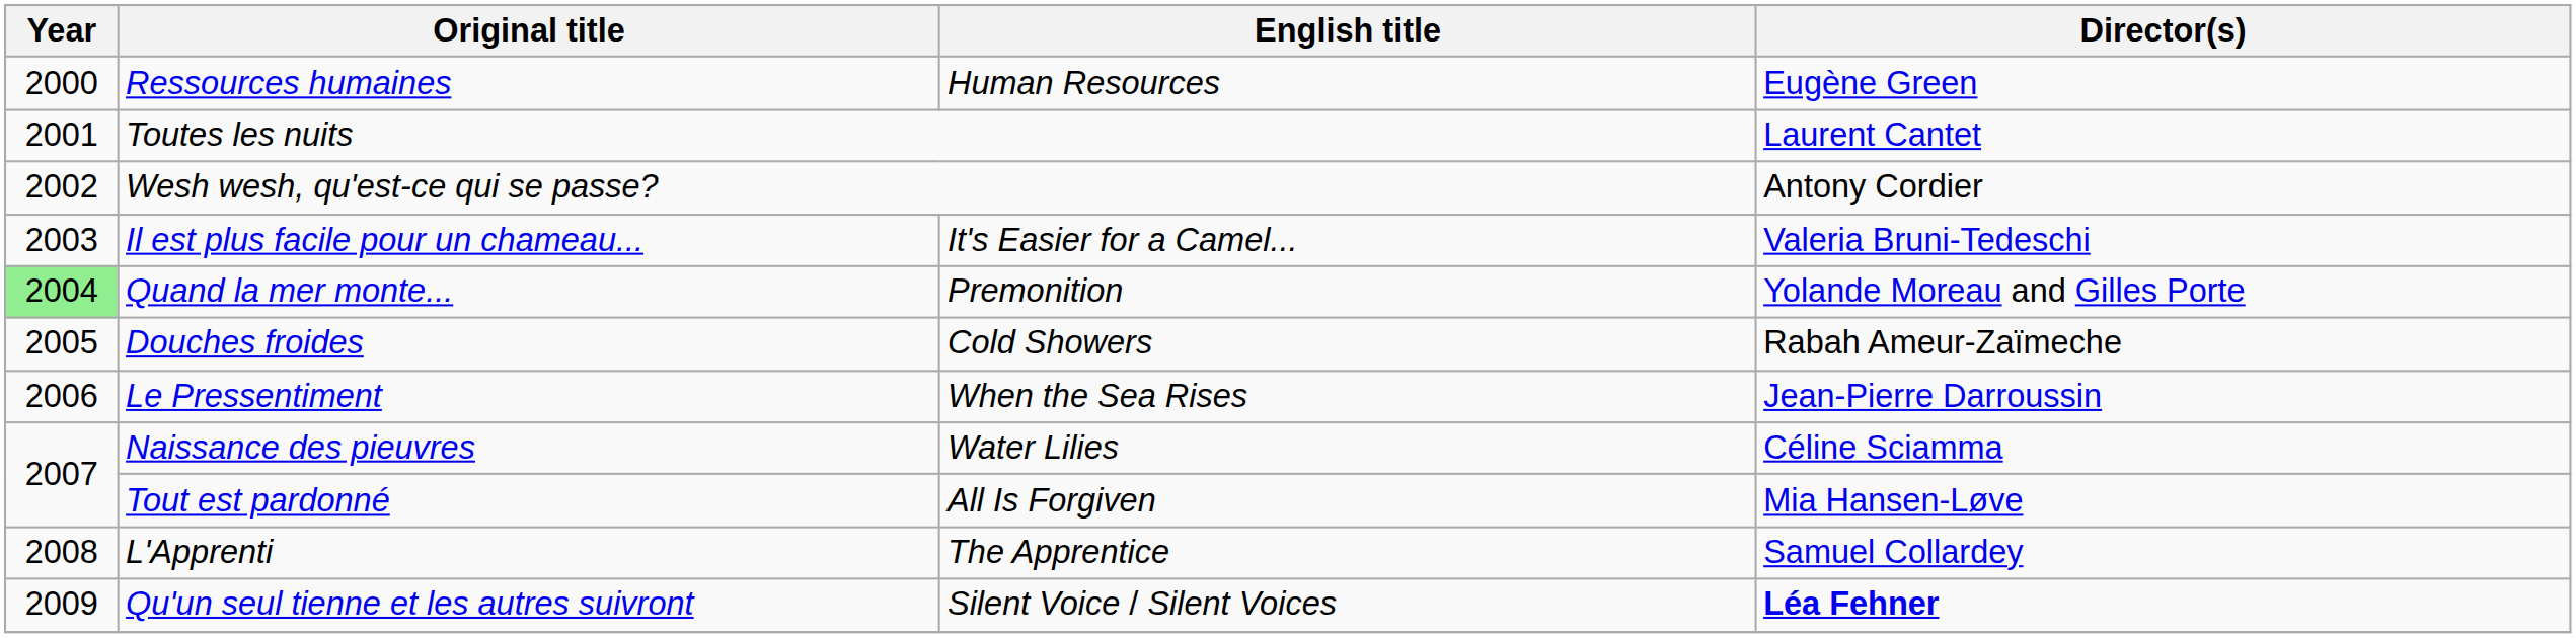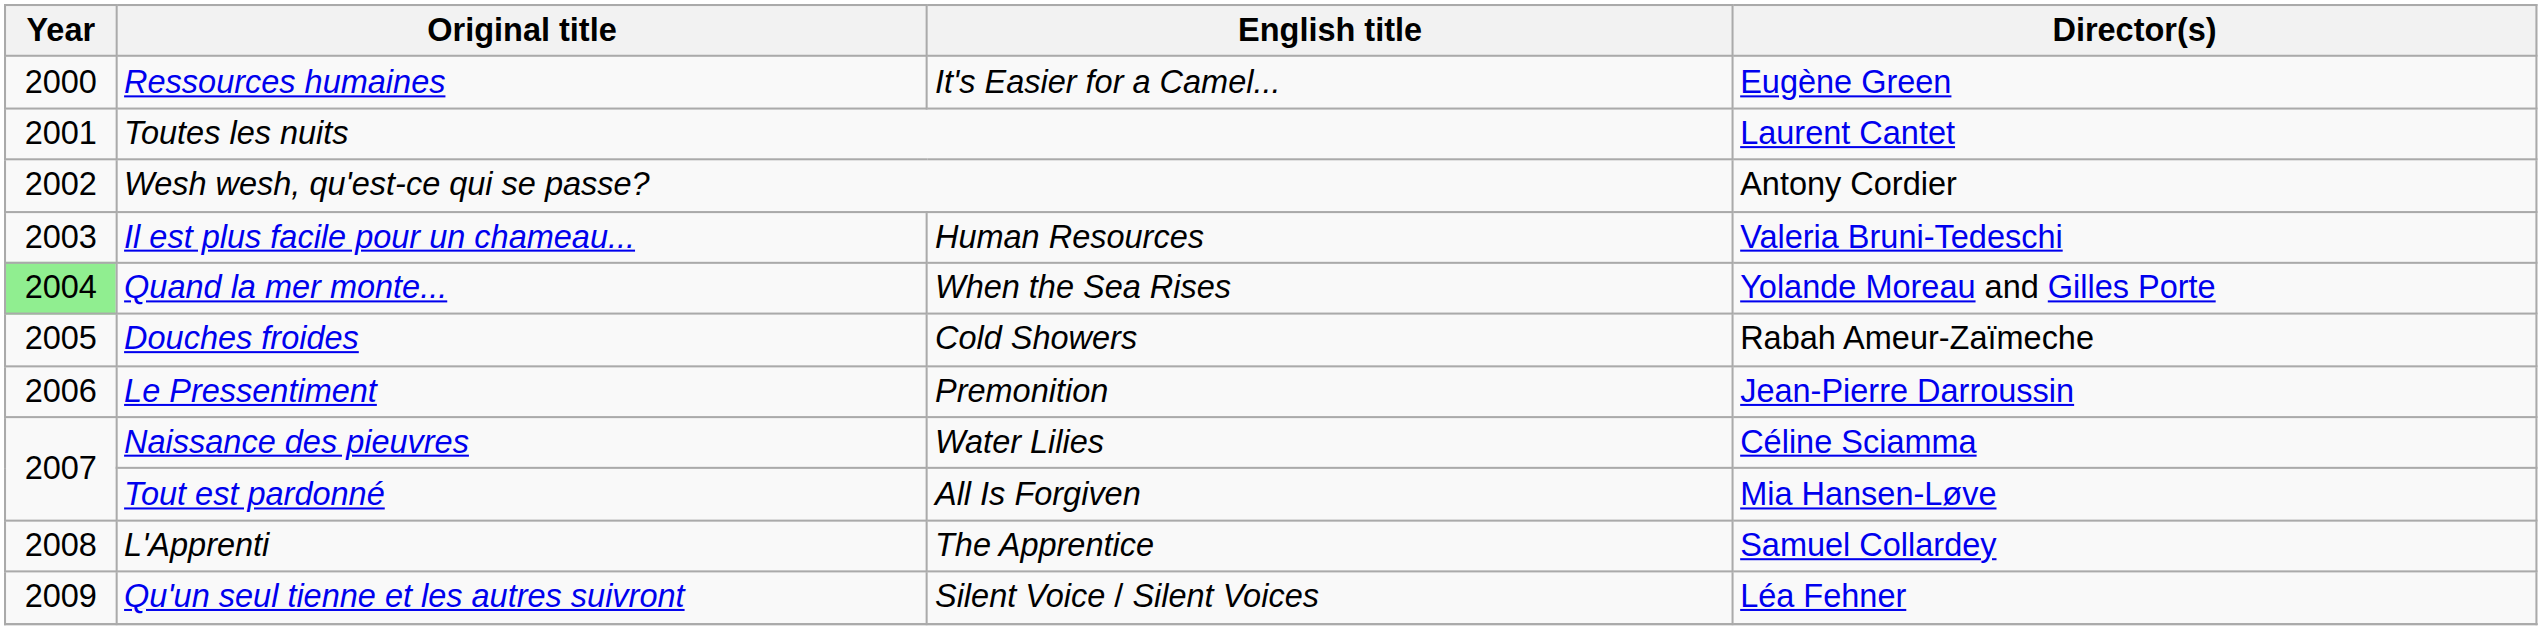 <table class="wikitable plainrowheaders">
 <tr>
 <th scope="col" width="50">Year</th>
 <th scope="col" width="450">Original title</th>
 <th scope="col" width="450">English title</th>
 <th scope="col" width="450">Director(s)</th>
 </tr>
 <tr>
 <td align="center">2000</td>
 <td><em><a href='#'>Ressources humaines</a></em></td>
-<td><em>Human Resources</em></td>
+<td><em>It's Easier for a Camel...</em></td>
 <td><a href='#'>Eugène Green</a></td>
 </tr>
 <tr>
 <td align="center">2001</td>
 <td colspan="2"><em>Toutes les nuits</em></td>
 <td><a href='#'>Laurent Cantet</a></td>
 </tr>
 <tr>
 <td align="center">2002</td>
 <td colspan="2"><em>Wesh wesh, qu'est-ce qui se passe?</em></td>
 <td>Antony Cordier</td>
 </tr>
 <tr>
 <td align="center">2003</td>
 <td><em><a href='#'>Il est plus facile pour un chameau...</a></em></td>
-<td><em>It's Easier for a Camel...</em></td>
+<td><em>Human Resources</em></td>
 <td><a href='#'>Valeria Bruni-Tedeschi</a></td>
 </tr>
 <tr>
 <td align="center" style="background: lightgreen;">2004</td>
 <td><em><a href='#'>Quand la mer monte...</a></em></td>
-<td><em>Premonition</em></td>
+<td><em>When the Sea Rises</em></td>
 <td><a href='#'>Yolande Moreau</a> and <a href='#'>Gilles Porte</a></td>
 </tr>
 <tr>
 <td align="center">2005</td>
 <td><em><a href='#'>Douches froides</a></em></td>
 <td><em>Cold Showers</em></td>
 <td>Rabah Ameur-Zaïmeche</td>
 </tr>
 <tr>
 <td align="center">2006</td>
 <td><em><a href='#'>Le Pressentiment</a></em></td>
-<td><em>When the Sea Rises</em></td>
+<td><em>Premonition</em></td>
 <td><a href='#'>Jean-Pierre Darroussin</a></td>
 </tr>
 <tr>
 <td rowspan="2" align="center">2007</td>
 <td><em><a href='#'>Naissance des pieuvres</a></em></td>
 <td><em>Water Lilies</em></td>
 <td><a href='#'>Céline Sciamma</a></td>
 </tr>
 <tr>
 <td><em><a href='#'>Tout est pardonné</a></em></td>
 <td><em>All Is Forgiven</em></td>
 <td><a href='#'>Mia Hansen-Løve</a></td>
 </tr>
 <tr>
 <td align="center">2008</td>
 <td><em>L'Apprenti</em></td>
 <td><em>The Apprentice</em></td>
 <td><a href='#'>Samuel Collardey</a></td>
 </tr>
 <tr>
 <td align="center">2009</td>
 <td><em><a href='#'>Qu'un seul tienne et les autres suivront</a></em></td>
 <td><em>Silent Voice</em> / <em>Silent Voices</em></td>
-<td><strong><a href='#'>Léa Fehner</a></strong></td>
+<td><a href='#'>Léa Fehner</a></td>
 </tr>
 <tr>
 </tr>
 </table>
